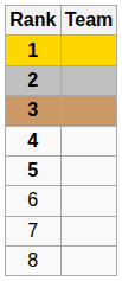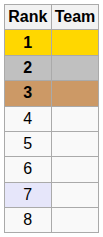 <table class="wikitable" style="text-align:center">
 <tr>
 <th>Rank</th>
 <th>Team</th>
 </tr>
 <tr bgcolor="gold">
 <td><strong>1</strong></td>
 <td align="left"><strong></strong></td>
 </tr>
 <tr bgcolor="silver">
 <td><strong>2</strong></td>
 <td align="left"><strong></strong></td>
 </tr>
 <tr bgcolor="#CC9966">
 <td><strong>3</strong></td>
 <td align="left"><strong></strong></td>
 </tr>
 <tr>
-<td><strong>4</strong></td>
+<td>4</td>
 <td align="left"></td>
 </tr>
 <tr>
-<td><strong>5</strong></td>
+<td>5</td>
 <td align="left"></td>
 </tr>
 <tr>
 <td>6</td>
 <td align="left"></td>
 </tr>
 <tr>
-<td>7</td>
+<td style="background: lavender;">7</td>
 <td align="left"></td>
 </tr>
 <tr>
 <td>8</td>
 <td align="left"></td>
 </tr>
 </table>
